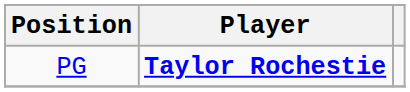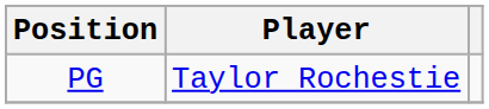 <table class="wikitable" style="text-align: center;">
 <tr>
 <th>Position</th>
 <th>Player</th>
 <th></th>
 </tr>
 <tr>
 <td><a href='#'>PG</a></td>
-<td align="left"><strong> <a href='#'>Taylor Rochestie</a></strong></td>
+<td align="left"> <a href='#'>Taylor Rochestie</a></td>
 <td></td>
 </tr>
 <tr>
 </tr>
 </table>
